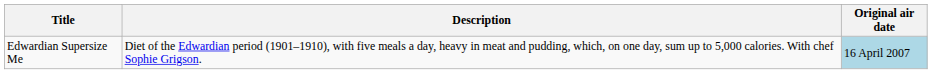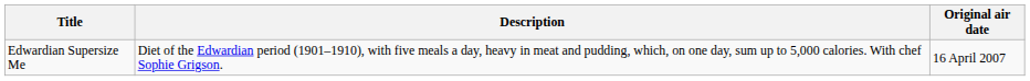 <table class="wikitable" border="1">
 <tr>
 <th>Title</th>
 <th>Description</th>
 <th>Original air date</th>
 </tr>
 <tr>
 <td>Edwardian Supersize Me</td>
 <td>Diet of the <a href='#'>Edwardian</a> period (1901–1910), with five meals a day, heavy in meat and pudding, which, on one day, sum up to 5,000 calories. With chef <a href='#'>Sophie Grigson</a>.</td>
-<td style="background: lightblue;">16 April 2007</td>
+<td>16 April 2007</td>
 </tr>
 </table>
